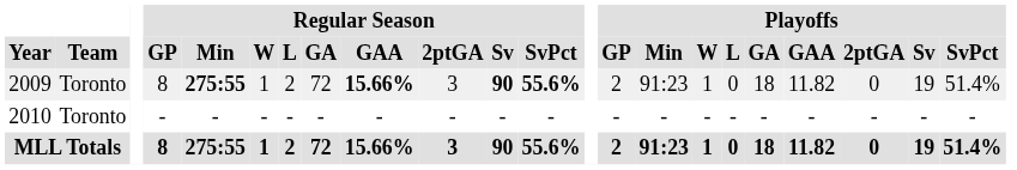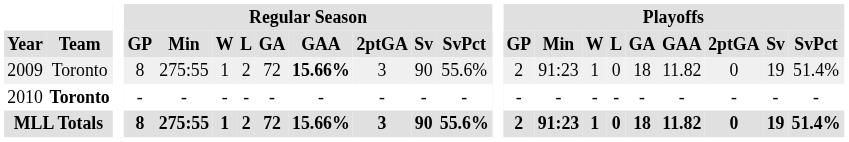 <table BORDER="0" CELLPADDING="3" CELLSPACING="0">
 <tr style="text-align:center; background:#e0e0e0;">
 <th colspan="2" style="background:#fff;"> </th>
 <th rowspan="99" style="background:#fff;"> </th>
 <th colspan="9">Regular Season</th>
 <th rowspan="99" style="background:#fff;"> </th>
 <th colspan="9">Playoffs</th>
 </tr>
 <tr style="text-align:center; background:#e0e0e0;">
 <th>Year</th>
 <th>Team</th>
 <th>GP</th>
 <th>Min</th>
 <th>W</th>
 <th>L</th>
 <th>GA</th>
 <th>GAA</th>
 <th>2ptGA</th>
 <th>Sv</th>
 <th>SvPct</th>
 <th>GP</th>
 <th>Min</th>
 <th>W</th>
 <th>L</th>
 <th>GA</th>
 <th>GAA</th>
 <th>2ptGA</th>
 <th>Sv</th>
 <th>SvPct</th>
 </tr>
 <tr style="text-align:center; background:#f0f0f0;">
 <td>2009</td>
 <td>Toronto</td>
 <td>8</td>
-<td><strong>275:55</strong></td>
+<td>275:55</td>
 <td>1</td>
 <td>2</td>
 <td>72</td>
 <td><strong>15.66%</strong></td>
 <td>3</td>
-<td><strong>90</strong></td>
-<td><strong>55.6%</strong></td>
+<td>90</td>
+<td>55.6%</td>
 <td>2</td>
 <td>91:23</td>
 <td>1</td>
 <td>0</td>
 <td>18</td>
 <td>11.82</td>
 <td>0</td>
 <td>19</td>
 <td>51.4%</td>
 </tr>
 <tr style="text-align:center; background:#fff;">
 <td>2010</td>
-<td>Toronto</td>
+<td><strong>Toronto</strong></td>
 <td>-</td>
 <td>-</td>
 <td>-</td>
 <td>-</td>
 <td>-</td>
 <td>-</td>
 <td>-</td>
 <td>-</td>
 <td>-</td>
 <td>-</td>
 <td>-</td>
 <td>-</td>
 <td>-</td>
 <td>-</td>
 <td>-</td>
 <td>-</td>
 <td>-</td>
 <td>-</td>
 </tr>
 <tr style="text-align:center; background:#e0e0e0;">
 <th colspan="2">MLL Totals</th>
 <th>8</th>
 <th>275:55</th>
 <th>1</th>
 <th>2</th>
 <th>72</th>
 <th>15.66%</th>
 <th>3</th>
 <th>90</th>
 <th>55.6%</th>
 <th>2</th>
 <th>91:23</th>
 <th>1</th>
 <th>0</th>
 <th>18</th>
 <th>11.82</th>
 <th>0</th>
 <th>19</th>
 <th>51.4%</th>
 </tr>
 </table>
